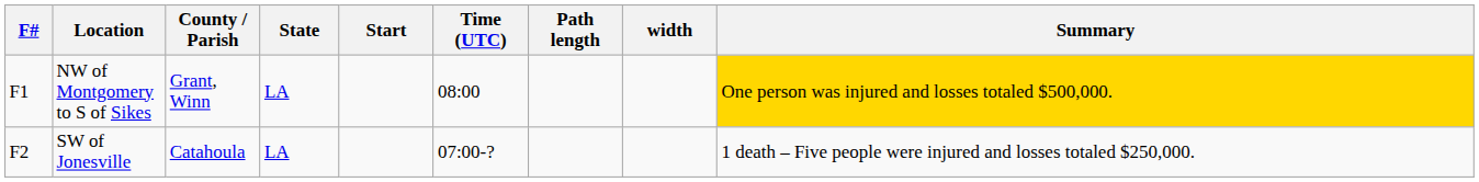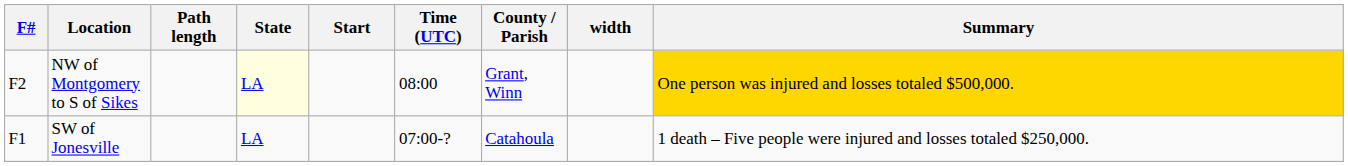 <table class="wikitable sortable" style="width:100%;">
 <tr>
 <th scope="col"  style="width:3%; text-align:center;"><a href='#'>F#</a></th>
 <th scope="col"  style="width:7%; text-align:center;" class="unsortable">Location</th>
-<th scope="col"  style="width:6%; text-align:center;" class="unsortable">County / Parish</th>
+<th scope="col"  style="width:6%; text-align:center;">Path length</th>
 <th scope="col"  style="width:5%; text-align:center;">State</th>
 <th scope="col"  style="width:6%; text-align:center;">Start<br></th>
 <th scope="col"  style="width:6%; text-align:center;">Time (<a href='#'>UTC</a>)</th>
-<th scope="col"  style="width:6%; text-align:center;">Path length</th>
+<th scope="col"  style="width:6%; text-align:center;" class="unsortable">County / Parish</th>
 <th scope="col"  style="width:6%; text-align:center;"> width</th>
 <th scope="col" class="unsortable" style="width:48%; text-align:center;">Summary</th>
 </tr>
 <tr>
-<td>F1</td>
+<td>F2</td>
 <td>NW of <a href='#'>Montgomery</a> to S of <a href='#'>Sikes</a></td>
-<td><a href='#'>Grant</a>, <a href='#'>Winn</a></td>
-<td><a href='#'>LA</a></td>
+<td></td>
+<td style="background: lightyellow;"><a href='#'>LA</a></td>
 <td></td>
 <td>08:00</td>
-<td></td>
+<td><a href='#'>Grant</a>, <a href='#'>Winn</a></td>
 <td></td>
 <td style="background: gold;">One person was injured and losses totaled $500,000.</td>
 </tr>
 <tr>
-<td>F2</td>
+<td>F1</td>
 <td>SW of <a href='#'>Jonesville</a></td>
-<td><a href='#'>Catahoula</a></td>
+<td></td>
 <td><a href='#'>LA</a></td>
 <td></td>
 <td>07:00-?</td>
-<td></td>
+<td><a href='#'>Catahoula</a></td>
 <td></td>
 <td>1 death – Five people were injured and losses totaled $250,000.</td>
 </tr>
 </table>
